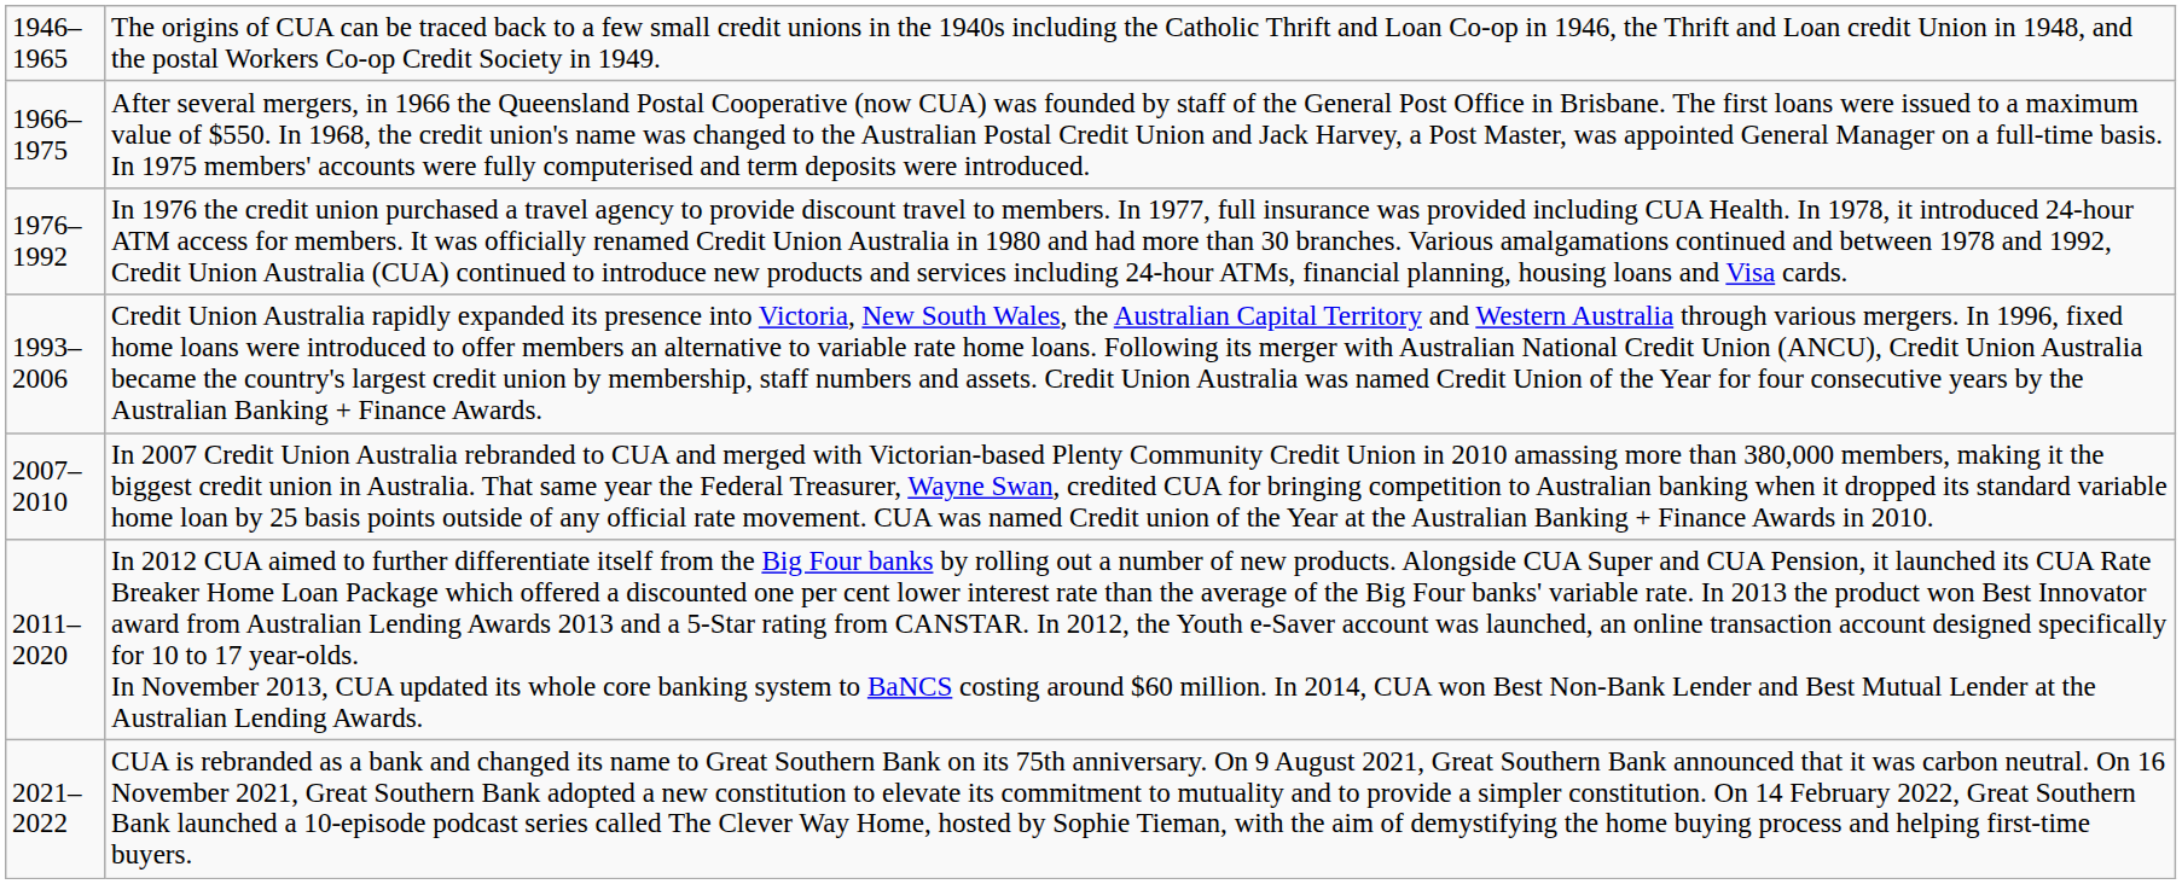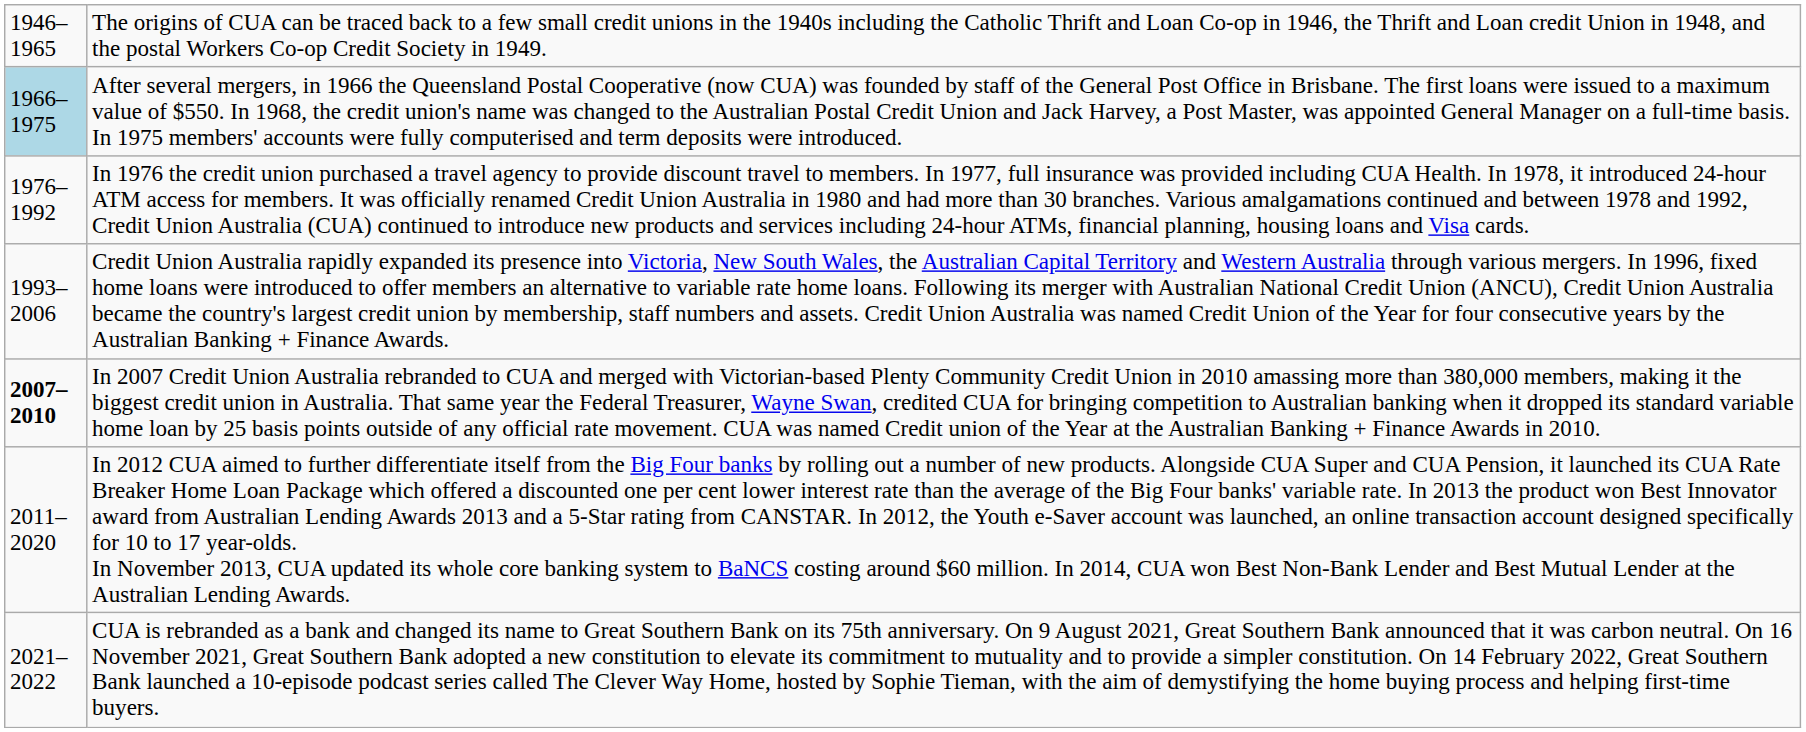 <table class="wikitable">
 <tr>
 <td>1946–1965</td>
 <td>The origins of CUA can be traced back to a few small credit unions in the 1940s including the Catholic Thrift and Loan Co-op in 1946, the Thrift and Loan credit Union in 1948, and the postal Workers Co-op Credit Society in 1949.</td>
 </tr>
 <tr>
-<td>1966–1975</td>
+<td style="background: lightblue;">1966–1975</td>
 <td>After several mergers, in 1966 the Queensland Postal Cooperative (now CUA) was founded by staff of the General Post Office in Brisbane. The first loans were issued to a maximum value of $550. In 1968, the credit union's name was changed to the Australian Postal Credit Union and Jack Harvey, a Post Master, was appointed General Manager on a full-time basis. In 1975 members' accounts were fully computerised and term deposits were introduced.</td>
 </tr>
 <tr>
 <td>1976–1992</td>
 <td>In 1976 the credit union purchased a travel agency to provide discount travel to members. In 1977, full insurance was provided including CUA Health. In 1978, it introduced 24-hour ATM access for members. It was officially renamed Credit Union Australia in 1980 and had more than 30 branches. Various amalgamations continued and between 1978 and 1992, Credit Union Australia (CUA) continued to introduce new products and services including 24-hour ATMs, financial planning, housing loans and <a href='#'>Visa</a> cards.</td>
 </tr>
 <tr>
 <td>1993–2006</td>
 <td>Credit Union Australia rapidly expanded its presence into <a href='#'>Victoria</a>, <a href='#'>New South Wales</a>, the <a href='#'>Australian Capital Territory</a> and <a href='#'>Western Australia</a> through various mergers. In 1996, fixed home loans were introduced to offer members an alternative to variable rate home loans. Following its merger with Australian National Credit Union (ANCU), Credit Union Australia became the country's largest credit union by membership, staff numbers and assets. Credit Union Australia was named Credit Union of the Year for four consecutive years by the Australian Banking + Finance Awards.</td>
 </tr>
 <tr>
-<td>2007–2010</td>
+<td><strong>2007–2010</strong></td>
 <td>In 2007 Credit Union Australia rebranded to CUA and merged with Victorian-based Plenty Community Credit Union in 2010 amassing more than 380,000 members, making it the biggest credit union in Australia. That same year the Federal Treasurer, <a href='#'>Wayne Swan</a>, credited CUA for bringing competition to Australian banking when it dropped its standard variable home loan by 25 basis points outside of any official rate movement. CUA was named Credit union of the Year at the Australian Banking + Finance Awards in 2010.</td>
 </tr>
 <tr>
 <td>2011–2020</td>
 <td>In 2012 CUA aimed to further differentiate itself from the <a href='#'>Big Four banks</a> by rolling out a number of new products. Alongside CUA Super and CUA Pension, it launched its CUA Rate Breaker Home Loan Package which offered a discounted one per cent lower interest rate than the average of the Big Four banks' variable rate. In 2013 the product won Best Innovator award from Australian Lending Awards 2013 and a 5-Star rating from CANSTAR. In 2012, the Youth e-Saver account was launched, an online transaction account designed specifically for 10 to 17 year-olds.<br>In November 2013, CUA updated its whole core banking system to <a href='#'>BaNCS</a> costing around $60 million. In 2014, CUA won Best Non-Bank Lender and Best Mutual Lender at the Australian Lending Awards.</td>
 </tr>
 <tr>
 <td>2021–2022</td>
 <td>CUA is rebranded as a bank and changed its name to Great Southern Bank on its 75th anniversary. On 9 August 2021, Great Southern Bank announced that it was carbon neutral. On 16 November 2021, Great Southern Bank adopted a new constitution to elevate its commitment to mutuality and to provide a simpler constitution. On 14 February 2022, Great Southern Bank launched a 10-episode podcast series called The Clever Way Home, hosted by Sophie Tieman, with the aim of demystifying the home buying process and helping first-time buyers.</td>
 </tr>
 </table>
